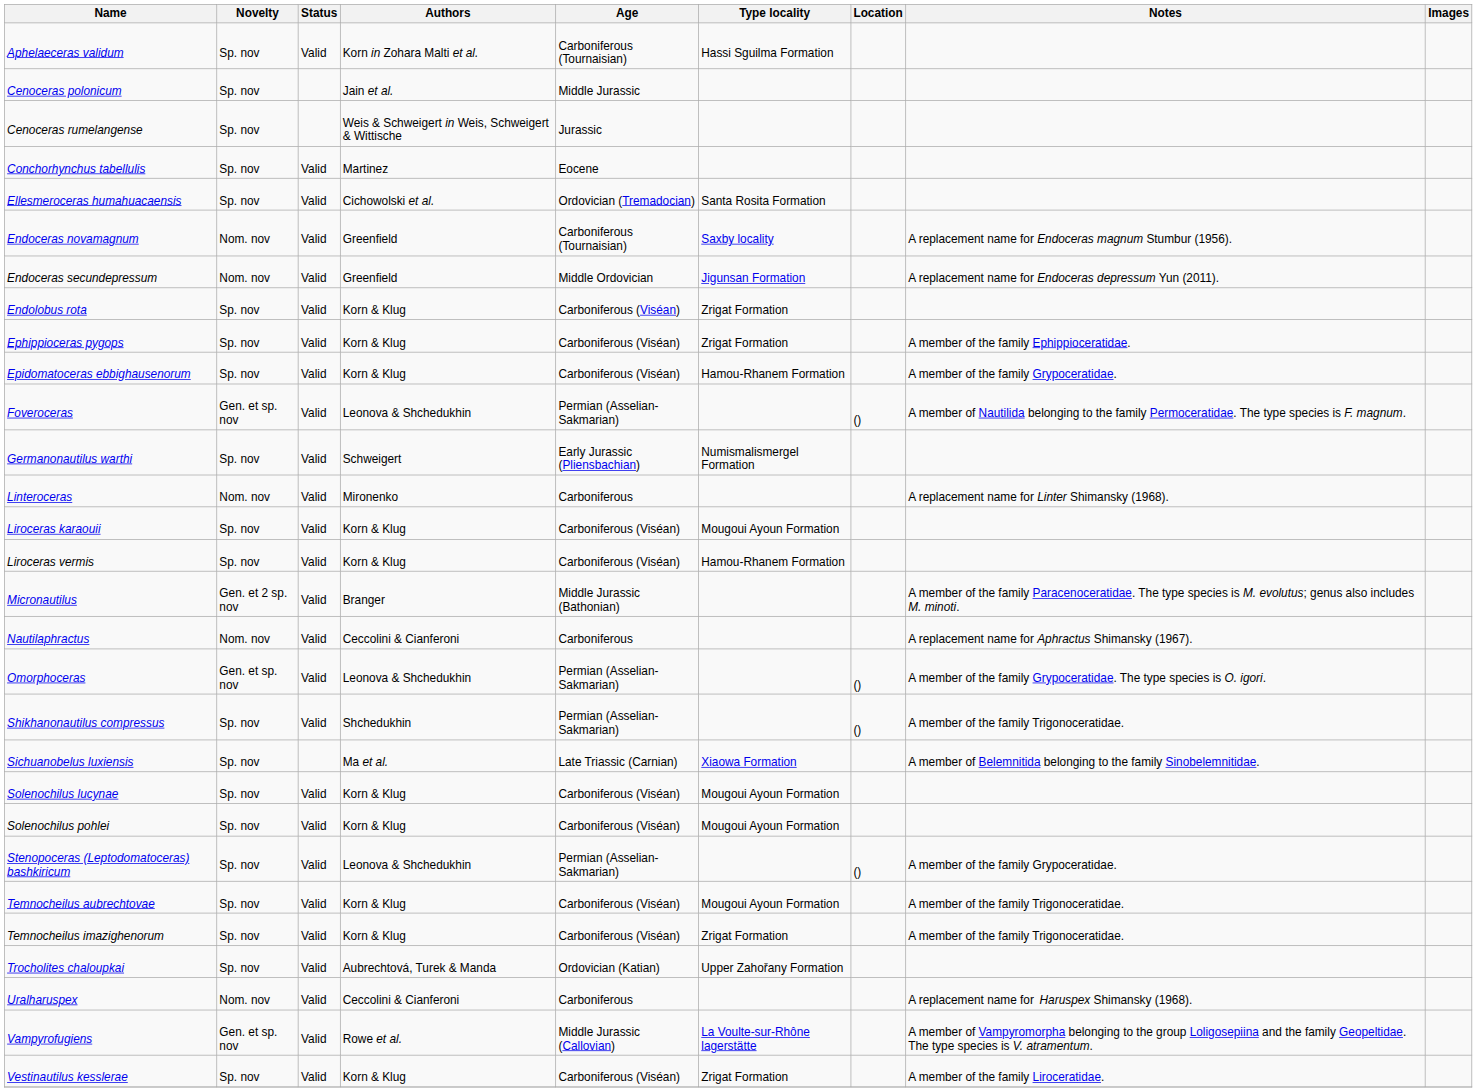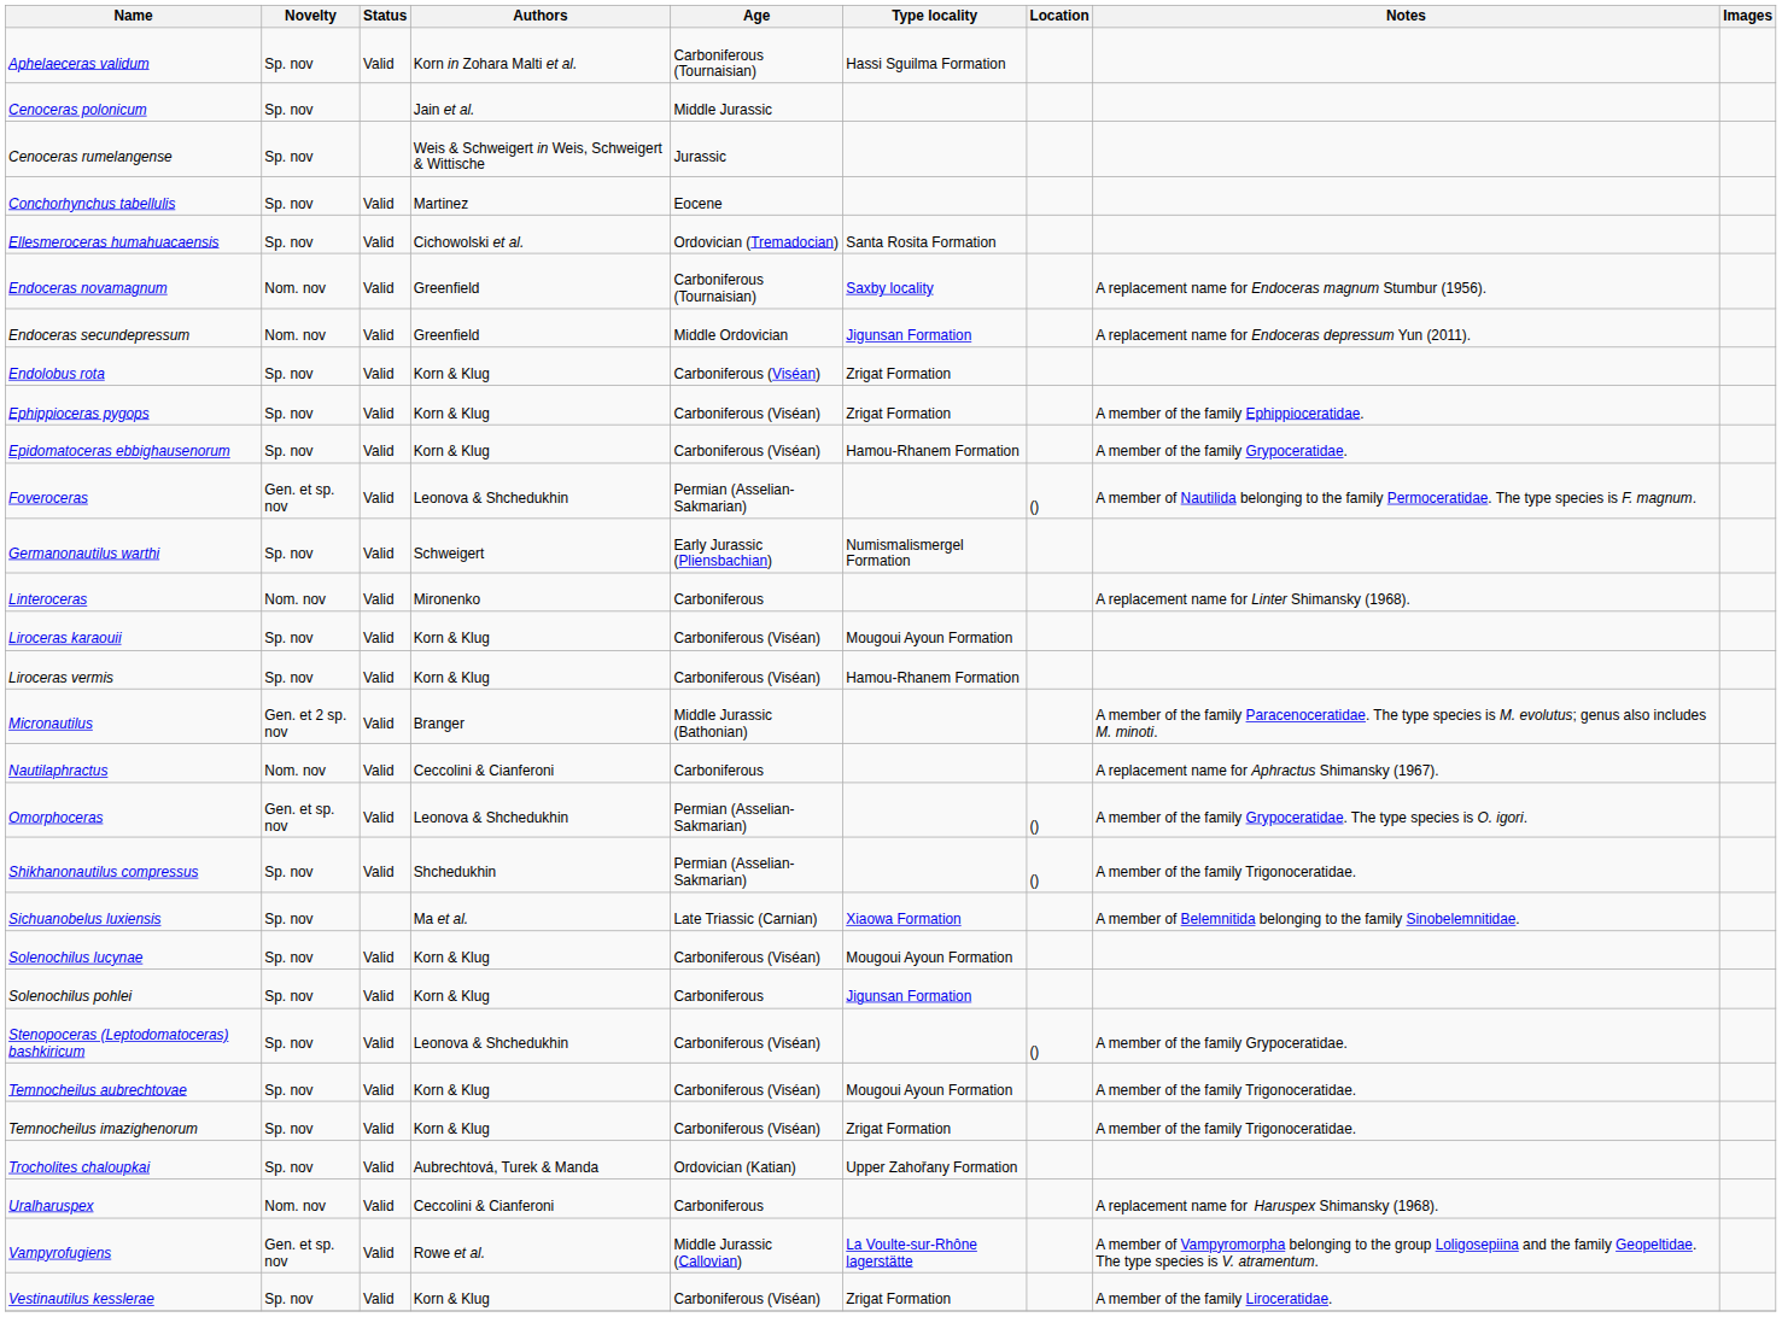 <table class="wikitable sortable" align="center" width="100%">
 <tr>
 <th>Name</th>
 <th>Novelty</th>
 <th>Status</th>
 <th>Authors</th>
 <th>Age</th>
 <th>Type locality</th>
 <th>Location</th>
 <th>Notes</th>
 <th>Images</th>
 </tr>
 <tr>
 <td><br><em><a href='#'>Aphelaeceras validum</a></em></td>
 <td><br>Sp. nov</td>
 <td><br>Valid</td>
 <td><br>Korn <em>in</em> Zohara Malti <em>et al.</em></td>
 <td><br>Carboniferous (Tournaisian)</td>
 <td><br>Hassi Sguilma Formation</td>
 <td><br></td>
 <td></td>
 <td></td>
 </tr>
 <tr>
 <td><br><em><a href='#'>Cenoceras polonicum</a></em></td>
 <td><br>Sp. nov</td>
 <td></td>
 <td><br>Jain <em>et al.</em></td>
 <td><br>Middle Jurassic</td>
 <td></td>
 <td><br></td>
 <td></td>
 <td></td>
 </tr>
 <tr>
 <td><br><em>Cenoceras rumelangense</em></td>
 <td><br>Sp. nov</td>
 <td></td>
 <td><br>Weis & Schweigert <em>in</em> Weis, Schweigert & Wittische</td>
 <td><br>Jurassic</td>
 <td></td>
 <td><br><br> </td>
 <td></td>
 <td></td>
 </tr>
 <tr>
 <td><br><em><a href='#'>Conchorhynchus tabellulis</a></em></td>
 <td><br>Sp. nov</td>
 <td><br>Valid</td>
 <td><br>Martinez</td>
 <td><br>Eocene</td>
 <td></td>
 <td><br></td>
 <td></td>
 <td></td>
 </tr>
 <tr>
 <td><br><em><a href='#'>Ellesmeroceras humahuacaensis</a></em></td>
 <td><br>Sp. nov</td>
 <td><br>Valid</td>
 <td><br>Cichowolski <em>et al.</em></td>
 <td><br>Ordovician (<a href='#'>Tremadocian</a>)</td>
 <td><br>Santa Rosita Formation</td>
 <td><br></td>
 <td></td>
 <td></td>
 </tr>
 <tr>
 <td><br><em><a href='#'>Endoceras novamagnum</a></em></td>
 <td><br>Nom. nov</td>
 <td><br>Valid</td>
 <td><br>Greenfield</td>
 <td><br>Carboniferous (Tournaisian)</td>
 <td><br><a href='#'>Saxby locality</a></td>
 <td><br></td>
 <td><br>A replacement name for <em>Endoceras magnum</em> Stumbur (1956).</td>
 <td></td>
 </tr>
 <tr>
 <td><br><em>Endoceras secundepressum</em></td>
 <td><br>Nom. nov</td>
 <td><br>Valid</td>
 <td><br>Greenfield</td>
 <td><br>Middle Ordovician</td>
 <td><br><a href='#'>Jigunsan Formation</a></td>
 <td><br></td>
 <td><br>A replacement name for <em>Endoceras depressum</em> Yun (2011).</td>
 <td></td>
 </tr>
 <tr>
 <td><br><em><a href='#'>Endolobus rota</a></em></td>
 <td><br>Sp. nov</td>
 <td><br>Valid</td>
 <td><br>Korn & Klug</td>
 <td><br>Carboniferous (<a href='#'>Viséan</a>)</td>
 <td><br>Zrigat Formation</td>
 <td><br></td>
 <td></td>
 <td></td>
 </tr>
 <tr>
 <td><br><em><a href='#'>Ephippioceras pygops</a></em></td>
 <td><br>Sp. nov</td>
 <td><br>Valid</td>
 <td><br>Korn & Klug</td>
 <td><br>Carboniferous (Viséan)</td>
 <td><br>Zrigat Formation</td>
 <td><br></td>
 <td><br>A member of the family <a href='#'>Ephippioceratidae</a>.</td>
 <td></td>
 </tr>
 <tr>
 <td><br><em><a href='#'>Epidomatoceras ebbighausenorum</a></em></td>
 <td><br>Sp. nov</td>
 <td><br>Valid</td>
 <td><br>Korn & Klug</td>
 <td><br>Carboniferous (Viséan)</td>
 <td><br>Hamou-Rhanem Formation</td>
 <td><br></td>
 <td><br>A member of the family <a href='#'>Grypoceratidae</a>.</td>
 <td></td>
 </tr>
 <tr>
 <td><br><em><a href='#'>Foveroceras</a></em></td>
 <td><br>Gen. et sp. nov</td>
 <td><br>Valid</td>
 <td><br>Leonova & Shchedukhin</td>
 <td><br>Permian (Asselian-Sakmarian)</td>
 <td></td>
 <td><br><br>()</td>
 <td><br>A member of <a href='#'>Nautilida</a> belonging to the family <a href='#'>Permoceratidae</a>. The type species is <em>F. magnum</em>.</td>
 <td></td>
 </tr>
 <tr>
 <td><br><em><a href='#'>Germanonautilus warthi</a></em></td>
 <td><br>Sp. nov</td>
 <td><br>Valid</td>
 <td><br>Schweigert</td>
 <td><br>Early Jurassic (<a href='#'>Pliensbachian</a>)</td>
 <td><br>Numismalismergel Formation</td>
 <td><br></td>
 <td></td>
 <td></td>
 </tr>
 <tr>
 <td><br><em><a href='#'>Linteroceras</a></em></td>
 <td><br>Nom. nov</td>
 <td><br>Valid</td>
 <td><br>Mironenko</td>
 <td><br>Carboniferous</td>
 <td></td>
 <td><br></td>
 <td><br>A replacement name for <em>Linter</em> Shimansky (1968).</td>
 <td></td>
 </tr>
 <tr>
 <td><br><em><a href='#'>Liroceras karaouii</a></em></td>
 <td><br>Sp. nov</td>
 <td><br>Valid</td>
 <td><br>Korn & Klug</td>
 <td><br>Carboniferous (Viséan)</td>
 <td><br>Mougoui Ayoun Formation</td>
 <td><br></td>
 <td></td>
 <td></td>
 </tr>
 <tr>
 <td><br><em>Liroceras vermis</em></td>
 <td><br>Sp. nov</td>
 <td><br>Valid</td>
 <td><br>Korn & Klug</td>
 <td><br>Carboniferous (Viséan)</td>
 <td><br>Hamou-Rhanem Formation</td>
 <td><br></td>
 <td></td>
 <td></td>
 </tr>
 <tr>
 <td><br><em><a href='#'>Micronautilus</a></em></td>
 <td><br>Gen. et 2 sp. nov</td>
 <td><br>Valid</td>
 <td><br>Branger</td>
 <td><br>Middle Jurassic (Bathonian)</td>
 <td></td>
 <td><br></td>
 <td><br>A member of the family <a href='#'>Paracenoceratidae</a>. The type species is <em>M. evolutus</em>; genus also includes <em>M. minoti</em>.</td>
 <td></td>
 </tr>
 <tr>
 <td><br><em><a href='#'>Nautilaphractus</a></em></td>
 <td><br>Nom. nov</td>
 <td><br>Valid</td>
 <td><br>Ceccolini & Cianferoni</td>
 <td><br>Carboniferous</td>
 <td></td>
 <td><br></td>
 <td><br>A replacement name for <em>Aphractus</em> Shimansky (1967).</td>
 <td></td>
 </tr>
 <tr>
 <td><br><em><a href='#'>Omorphoceras</a></em></td>
 <td><br>Gen. et sp. nov</td>
 <td><br>Valid</td>
 <td><br>Leonova & Shchedukhin</td>
 <td><br>Permian (Asselian-Sakmarian)</td>
 <td></td>
 <td><br><br>()</td>
 <td><br>A member of the family <a href='#'>Grypoceratidae</a>. The type species is <em>O. igori</em>.</td>
 <td></td>
 </tr>
 <tr>
 <td><br><em><a href='#'>Shikhanonautilus compressus</a></em></td>
 <td><br>Sp. nov</td>
 <td><br>Valid</td>
 <td><br>Shchedukhin</td>
 <td><br>Permian (Asselian-Sakmarian)</td>
 <td></td>
 <td><br><br>()</td>
 <td><br>A member of the family Trigonoceratidae.</td>
 <td></td>
 </tr>
 <tr>
 <td><br><em><a href='#'>Sichuanobelus luxiensis</a></em></td>
 <td><br>Sp. nov</td>
 <td></td>
 <td><br>Ma <em>et al.</em></td>
 <td><br>Late Triassic (Carnian)</td>
 <td><br><a href='#'>Xiaowa Formation</a></td>
 <td><br></td>
 <td><br>A member of <a href='#'>Belemnitida</a> belonging to the family <a href='#'>Sinobelemnitidae</a>.</td>
 <td></td>
 </tr>
 <tr>
 <td><br><em><a href='#'>Solenochilus lucynae</a></em></td>
 <td><br>Sp. nov</td>
 <td><br>Valid</td>
 <td><br>Korn & Klug</td>
 <td><br>Carboniferous (Viséan)</td>
 <td><br>Mougoui Ayoun Formation</td>
 <td><br></td>
 <td></td>
 <td></td>
 </tr>
 <tr>
 <td><br><em>Solenochilus pohlei</em></td>
 <td><br>Sp. nov</td>
 <td><br>Valid</td>
 <td><br>Korn & Klug</td>
-<td><br>Carboniferous (Viséan)</td>
-<td><br>Mougoui Ayoun Formation</td>
+<td><br>Carboniferous</td>
+<td><br><a href='#'>Jigunsan Formation</a></td>
 <td><br></td>
 <td></td>
 <td></td>
 </tr>
 <tr>
 <td><br><em><a href='#'>Stenopoceras (Leptodomatoceras) bashkiricum</a></em></td>
 <td><br>Sp. nov</td>
 <td><br>Valid</td>
 <td><br>Leonova & Shchedukhin</td>
-<td><br>Permian (Asselian-Sakmarian)</td>
+<td><br>Carboniferous (Viséan)</td>
 <td></td>
 <td><br><br>()</td>
 <td><br>A member of the family Grypoceratidae.</td>
 <td></td>
 </tr>
 <tr>
 <td><br><em><a href='#'>Temnocheilus aubrechtovae</a></em></td>
 <td><br>Sp. nov</td>
 <td><br>Valid</td>
 <td><br>Korn & Klug</td>
 <td><br>Carboniferous (Viséan)</td>
 <td><br>Mougoui Ayoun Formation</td>
 <td><br></td>
 <td><br>A member of the family Trigonoceratidae.</td>
 <td></td>
 </tr>
 <tr>
 <td><br><em>Temnocheilus imazighenorum</em></td>
 <td><br>Sp. nov</td>
 <td><br>Valid</td>
 <td><br>Korn & Klug</td>
 <td><br>Carboniferous (Viséan)</td>
 <td><br>Zrigat Formation</td>
 <td><br></td>
 <td><br>A member of the family Trigonoceratidae.</td>
 <td></td>
 </tr>
 <tr>
 <td><br><em><a href='#'>Trocholites chaloupkai</a></em></td>
 <td><br>Sp. nov</td>
 <td><br>Valid</td>
 <td><br>Aubrechtová, Turek & Manda</td>
 <td><br>Ordovician (Katian)</td>
 <td><br>Upper Zahořany Formation</td>
 <td><br></td>
 <td></td>
 <td></td>
 </tr>
 <tr>
 <td><br><em><a href='#'>Uralharuspex</a></em></td>
 <td><br>Nom. nov</td>
 <td><br>Valid</td>
 <td><br>Ceccolini & Cianferoni</td>
 <td><br>Carboniferous</td>
 <td></td>
 <td><br></td>
 <td><br>A replacement name for <em> Haruspex</em> Shimansky (1968).</td>
 <td></td>
 </tr>
 <tr>
 <td><br><em><a href='#'>Vampyrofugiens</a></em></td>
 <td><br>Gen. et sp. nov</td>
 <td><br>Valid</td>
 <td><br>Rowe <em>et al.</em></td>
 <td><br>Middle Jurassic (<a href='#'>Callovian</a>)</td>
 <td><br><a href='#'>La Voulte-sur-Rhône lagerstätte</a></td>
 <td><br></td>
 <td><br>A member of <a href='#'>Vampyromorpha</a> belonging to the group <a href='#'>Loligosepiina</a> and the family <a href='#'>Geopeltidae</a>. The type species is <em>V. atramentum</em>.</td>
 <td></td>
 </tr>
 <tr>
 <td><br><em><a href='#'>Vestinautilus kesslerae</a></em></td>
 <td><br>Sp. nov</td>
 <td><br>Valid</td>
 <td><br>Korn & Klug</td>
 <td><br>Carboniferous (Viséan)</td>
 <td><br>Zrigat Formation</td>
 <td><br></td>
 <td><br>A member of the family <a href='#'>Liroceratidae</a>.</td>
 <td></td>
 </tr>
 <tr>
 </tr>
 </table>
